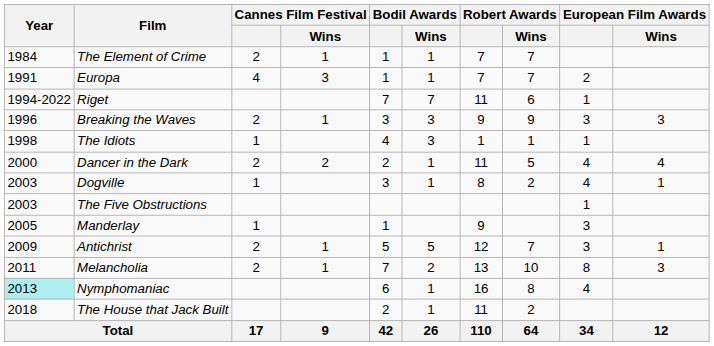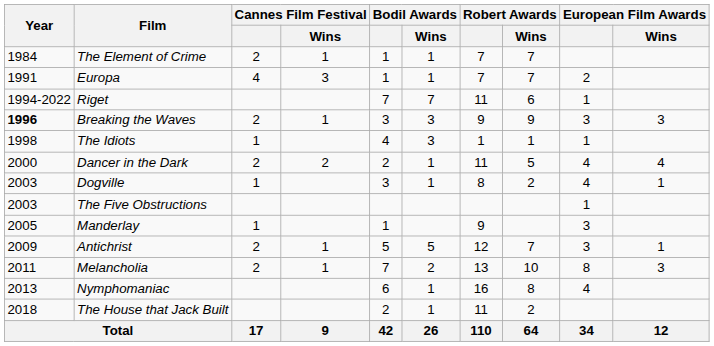 <table class="wikitable sortable" style="text-align: center;">
 <tr>
 <th rowspan="2">Year</th>
 <th rowspan="2">Film</th>
 <th colspan="2">Cannes Film Festival</th>
 <th colspan="2">Bodil Awards</th>
 <th colspan="2">Robert Awards</th>
 <th colspan="2">European Film Awards</th>
 </tr>
 <tr>
 <th></th>
 <th>Wins</th>
 <th></th>
 <th>Wins</th>
 <th></th>
 <th>Wins</th>
 <th></th>
 <th>Wins</th>
 </tr>
 <tr>
 <td style="text-align: left;">1984</td>
 <td style="text-align: left;"><em>The Element of Crime</em></td>
 <td>2</td>
 <td>1</td>
 <td>1</td>
 <td>1</td>
 <td>7</td>
 <td>7</td>
 <td></td>
 <td></td>
 </tr>
 <tr>
 <td style="text-align: left;">1991</td>
 <td style="text-align: left;"><em>Europa</em></td>
 <td>4</td>
 <td>3</td>
 <td>1</td>
 <td>1</td>
 <td>7</td>
 <td>7</td>
 <td>2</td>
 <td></td>
 </tr>
 <tr>
 <td style="text-align: left;">1994-2022</td>
 <td style="text-align: left;"><em>Riget</em></td>
 <td></td>
 <td></td>
 <td>7</td>
 <td>7</td>
 <td>11</td>
 <td>6</td>
 <td>1</td>
 <td></td>
 </tr>
 <tr>
-<td style="text-align: left;">1996</td>
+<td style="text-align: left;"><strong>1996</strong></td>
 <td style="text-align: left;"><em>Breaking the Waves</em></td>
 <td>2</td>
 <td>1</td>
 <td>3</td>
 <td>3</td>
 <td>9</td>
 <td>9</td>
 <td>3</td>
 <td>3</td>
 </tr>
 <tr>
 <td style="text-align: left;">1998</td>
 <td style="text-align: left;"><em>The Idiots</em></td>
 <td>1</td>
 <td></td>
 <td>4</td>
 <td>3</td>
 <td>1</td>
 <td>1</td>
 <td>1</td>
 <td></td>
 </tr>
 <tr>
 <td style="text-align: left;">2000</td>
 <td style="text-align: left;"><em>Dancer in the Dark</em></td>
 <td>2</td>
 <td>2</td>
 <td>2</td>
 <td>1</td>
 <td>11</td>
 <td>5</td>
 <td>4</td>
 <td>4</td>
 </tr>
 <tr>
 <td style="text-align: left;">2003</td>
 <td style="text-align: left;"><em>Dogville</em></td>
 <td>1</td>
 <td></td>
 <td>3</td>
 <td>1</td>
 <td>8</td>
 <td>2</td>
 <td>4</td>
 <td>1</td>
 </tr>
 <tr>
 <td style="text-align: left;">2003</td>
 <td style="text-align: left;"><em>The Five Obstructions</em></td>
 <td></td>
 <td></td>
 <td></td>
 <td></td>
 <td></td>
 <td></td>
 <td>1</td>
 <td></td>
 </tr>
 <tr>
 <td style="text-align: left;">2005</td>
 <td style="text-align: left;"><em>Manderlay</em></td>
 <td>1</td>
 <td></td>
 <td>1</td>
 <td></td>
 <td>9</td>
 <td></td>
 <td>3</td>
 <td></td>
 </tr>
 <tr>
 <td style="text-align: left;">2009</td>
 <td style="text-align: left;"><em>Antichrist</em></td>
 <td>2</td>
 <td>1</td>
 <td>5</td>
 <td>5</td>
 <td>12</td>
 <td>7</td>
 <td>3</td>
 <td>1</td>
 </tr>
 <tr>
 <td style="text-align: left;">2011</td>
 <td style="text-align: left;"><em>Melancholia</em></td>
 <td>2</td>
 <td>1</td>
 <td>7</td>
 <td>2</td>
 <td>13</td>
 <td>10</td>
 <td>8</td>
 <td>3</td>
 </tr>
 <tr>
-<td style="background: paleturquoise; text-align: left;">2013</td>
+<td style="text-align: left;">2013</td>
 <td style="text-align: left;"><em>Nymphomaniac</em></td>
 <td></td>
 <td></td>
 <td>6</td>
 <td>1</td>
 <td>16</td>
 <td>8</td>
 <td>4</td>
 <td></td>
 </tr>
 <tr>
 <td style="text-align: left;">2018</td>
 <td style="text-align: left;"><em>The House that Jack Built</em></td>
 <td></td>
 <td></td>
 <td>2</td>
 <td>1</td>
 <td>11</td>
 <td>2</td>
 <td></td>
 <td></td>
 </tr>
 <tr>
 <th colspan="2">Total</th>
 <th>17</th>
 <th>9</th>
 <th>42</th>
 <th>26</th>
 <th>110</th>
 <th>64</th>
 <th>34</th>
 <th>12</th>
 </tr>
 </table>
